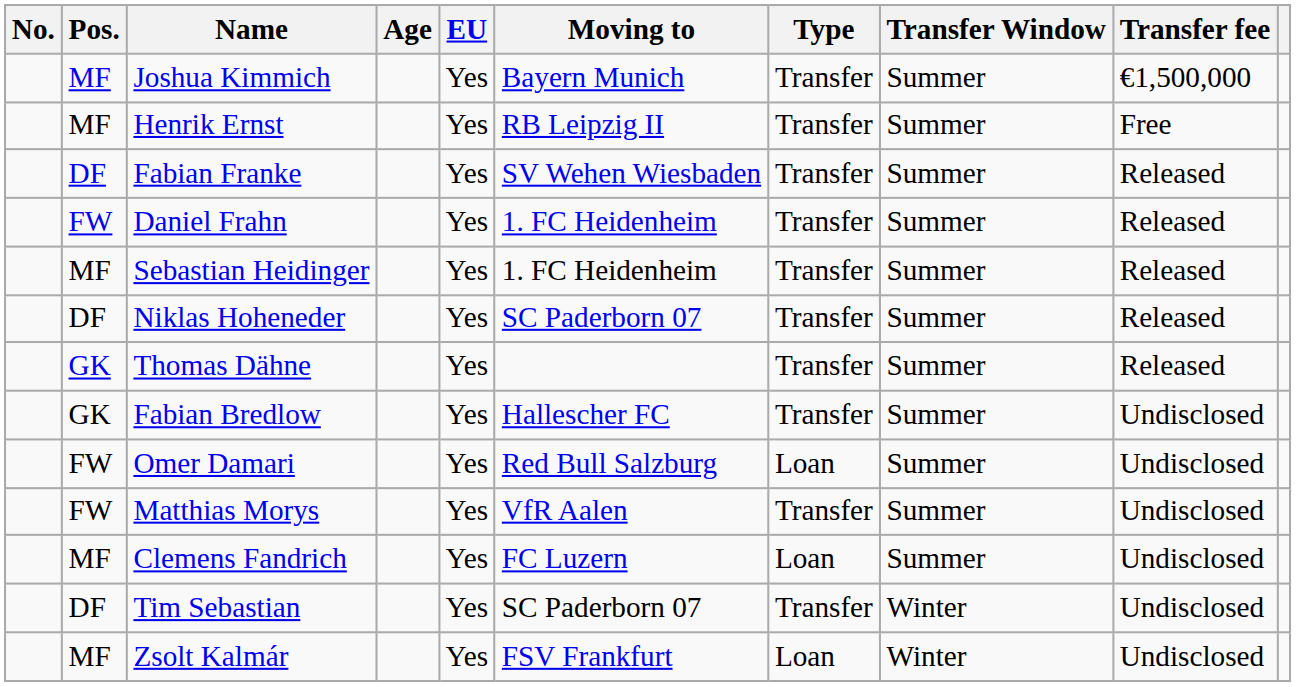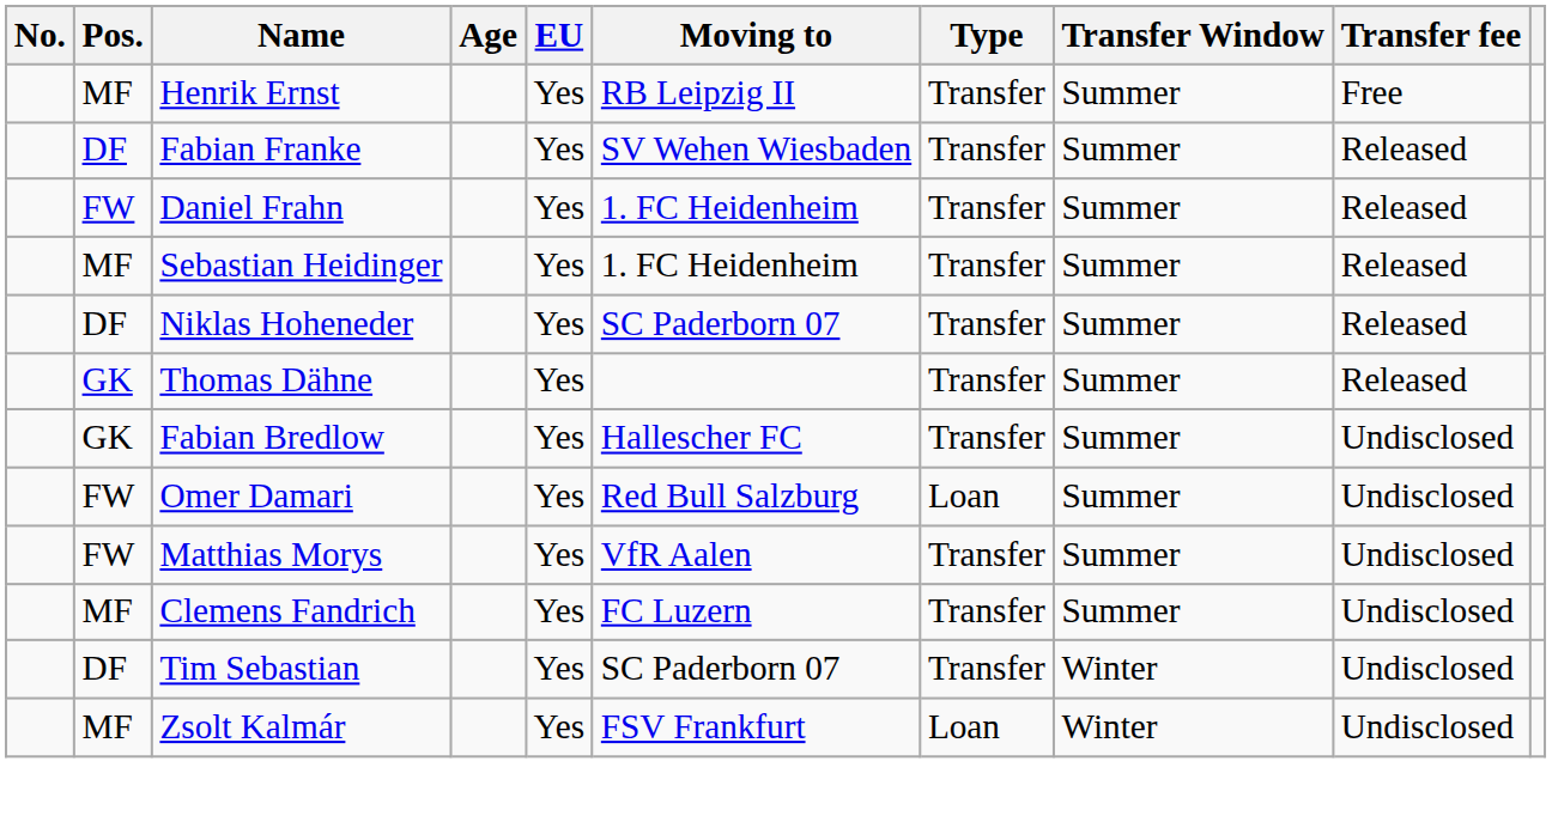 <table class="wikitable" Style="font-size:90%">
 <tr>
 <th>No.</th>
 <th>Pos.</th>
 <th>Name</th>
 <th>Age</th>
 <th><a href='#'>EU</a></th>
 <th>Moving to</th>
 <th>Type</th>
 <th>Transfer Window</th>
 <th>Transfer fee</th>
 <th></th>
-</tr>
-<tr>
-<td></td>
-<td><a href='#'>MF</a></td>
-<td> <a href='#'>Joshua Kimmich</a></td>
-<td></td>
-<td>Yes</td>
-<td><a href='#'>Bayern Munich</a></td>
-<td>Transfer</td>
-<td>Summer</td>
-<td>€1,500,000</td>
-<td></td>
 </tr>
 <tr>
 <td></td>
 <td>MF</td>
 <td> <a href='#'>Henrik Ernst</a></td>
 <td></td>
 <td>Yes</td>
 <td><a href='#'>RB Leipzig II</a></td>
 <td>Transfer</td>
 <td>Summer</td>
 <td>Free</td>
 <td></td>
 </tr>
 <tr>
 <td></td>
 <td><a href='#'>DF</a></td>
 <td> <a href='#'>Fabian Franke</a></td>
 <td></td>
 <td>Yes</td>
 <td><a href='#'>SV Wehen Wiesbaden</a></td>
 <td>Transfer</td>
 <td>Summer</td>
 <td>Released</td>
 <td></td>
 </tr>
 <tr>
 <td></td>
 <td><a href='#'>FW</a></td>
 <td> <a href='#'>Daniel Frahn</a></td>
 <td></td>
 <td>Yes</td>
 <td><a href='#'>1. FC Heidenheim</a></td>
 <td>Transfer</td>
 <td>Summer</td>
 <td>Released</td>
 <td></td>
 </tr>
 <tr>
 <td></td>
 <td>MF</td>
 <td> <a href='#'>Sebastian Heidinger</a></td>
 <td></td>
 <td>Yes</td>
 <td>1. FC Heidenheim</td>
 <td>Transfer</td>
 <td>Summer</td>
 <td>Released</td>
 <td></td>
 </tr>
 <tr>
 <td></td>
 <td>DF</td>
 <td> <a href='#'>Niklas Hoheneder</a></td>
 <td></td>
 <td>Yes</td>
 <td><a href='#'>SC Paderborn 07</a></td>
 <td>Transfer</td>
 <td>Summer</td>
 <td>Released</td>
 <td></td>
 </tr>
 <tr>
 <td></td>
 <td><a href='#'>GK</a></td>
 <td> <a href='#'>Thomas Dähne</a></td>
 <td></td>
 <td>Yes</td>
 <td></td>
 <td>Transfer</td>
 <td>Summer</td>
 <td>Released</td>
 <td></td>
 </tr>
 <tr>
 <td></td>
 <td>GK</td>
 <td> <a href='#'>Fabian Bredlow</a></td>
 <td></td>
 <td>Yes</td>
 <td><a href='#'>Hallescher FC</a></td>
 <td>Transfer</td>
 <td>Summer</td>
 <td>Undisclosed</td>
 <td></td>
 </tr>
 <tr>
 <td></td>
 <td>FW</td>
 <td> <a href='#'>Omer Damari</a></td>
 <td></td>
 <td>Yes</td>
 <td><a href='#'>Red Bull Salzburg</a></td>
 <td>Loan</td>
 <td>Summer</td>
 <td>Undisclosed</td>
 <td></td>
 </tr>
 <tr>
 <td></td>
 <td>FW</td>
 <td> <a href='#'>Matthias Morys</a></td>
 <td></td>
 <td>Yes</td>
 <td><a href='#'>VfR Aalen</a></td>
 <td>Transfer</td>
 <td>Summer</td>
 <td>Undisclosed</td>
 <td></td>
 </tr>
 <tr>
 <td></td>
 <td>MF</td>
 <td> <a href='#'>Clemens Fandrich</a></td>
 <td></td>
 <td>Yes</td>
 <td><a href='#'>FC Luzern</a></td>
-<td>Loan</td>
+<td>Transfer</td>
 <td>Summer</td>
 <td>Undisclosed</td>
 <td></td>
 </tr>
 <tr>
 <td></td>
 <td>DF</td>
 <td> <a href='#'>Tim Sebastian</a></td>
 <td></td>
 <td>Yes</td>
 <td>SC Paderborn 07</td>
 <td>Transfer</td>
 <td>Winter</td>
 <td>Undisclosed</td>
 <td></td>
 </tr>
 <tr>
 <td></td>
 <td>MF</td>
 <td> <a href='#'>Zsolt Kalmár</a></td>
 <td></td>
 <td>Yes</td>
 <td><a href='#'>FSV Frankfurt</a></td>
 <td>Loan</td>
 <td>Winter</td>
 <td>Undisclosed</td>
 <td></td>
 </tr>
 </table>
